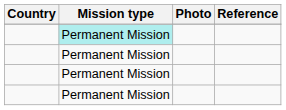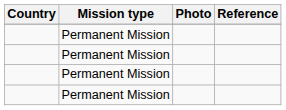 <table class="wikitable sortable">
 <tr valign="middle">
 <th>Country</th>
 <th>Mission type</th>
 <th>Photo</th>
 <th>Reference</th>
 </tr>
 <tr style="font-weight:bold; background-color: #DDDDDD">
 </tr>
 <tr>
 <td></td>
-<td style="background: paleturquoise;">Permanent Mission</td>
+<td>Permanent Mission</td>
 <td></td>
 <td></td>
 </tr>
 <tr>
 <td></td>
 <td>Permanent Mission</td>
 <td></td>
 <td></td>
 </tr>
 <tr>
 <td></td>
 <td>Permanent Mission</td>
 <td></td>
 <td></td>
 </tr>
 <tr>
 <td></td>
 <td>Permanent Mission</td>
 <td></td>
 <td></td>
 </tr>
 </table>
